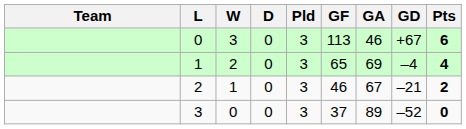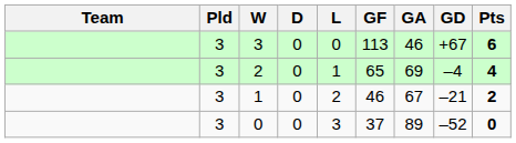 <table class="wikitable" style="text-align: center;">
 <tr>
 <th width="180">Team</th>
-<th width="30">L</th>
+<th width="30">Pld</th>
 <th width="30">W</th>
 <th width="30">D</th>
-<th width="30">Pld</th>
+<th width="30">L</th>
 <th width="30">GF</th>
 <th width="30">GA</th>
 <th width="30">GD</th>
 <th width="30">Pts</th>
 </tr>
 <tr bgcolor=#CCFFCC>
 <td align="left"></td>
-<td>0</td>
+<td>3</td>
 <td>3</td>
 <td>0</td>
-<td>3</td>
+<td>0</td>
 <td>113</td>
 <td>46</td>
 <td>+67</td>
 <td><strong>6</strong></td>
 </tr>
 <tr bgcolor=#CCFFCC>
 <td align="left"></td>
-<td>1</td>
+<td>3</td>
 <td>2</td>
 <td>0</td>
-<td>3</td>
+<td>1</td>
 <td>65</td>
 <td>69</td>
 <td>–4</td>
 <td><strong>4</strong></td>
 </tr>
 <tr>
 <td align="left"></td>
-<td>2</td>
+<td>3</td>
 <td>1</td>
 <td>0</td>
-<td>3</td>
+<td>2</td>
 <td>46</td>
 <td>67</td>
 <td>–21</td>
 <td><strong>2</strong></td>
 </tr>
 <tr>
 <td align="left"></td>
 <td>3</td>
 <td>0</td>
 <td>0</td>
 <td>3</td>
 <td>37</td>
 <td>89</td>
 <td>–52</td>
 <td><strong>0</strong></td>
 </tr>
 </table>
